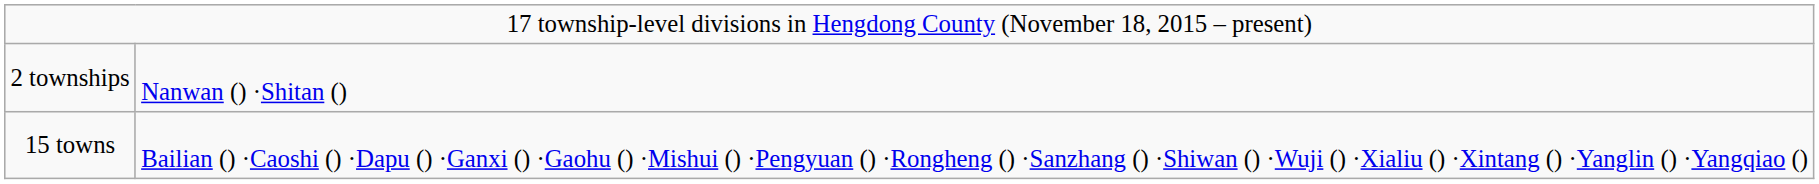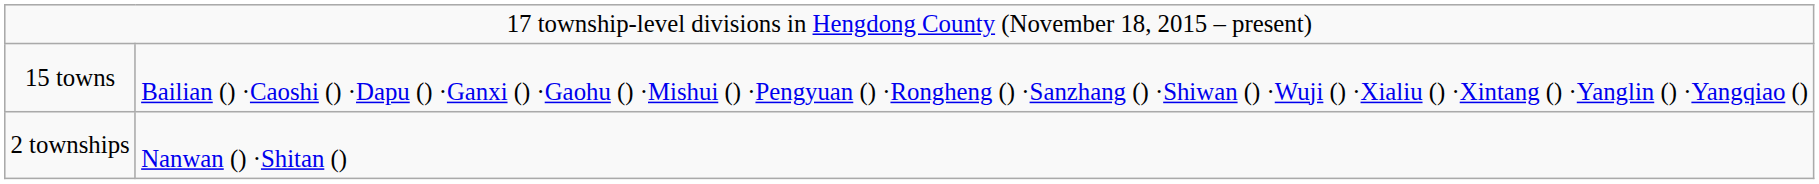 <table class="wikitable">
 <tr>
 <td style="text-align:center;" colspan="2">17 township-level divisions in <a href='#'>Hengdong County</a> (November 18, 2015 – present)</td>
 </tr>
 <tr align=left>
+<td align=center>15 towns</td>
+<td><br><a href='#'>Bailian</a> () ·<a href='#'>Caoshi</a> () ·<a href='#'>Dapu</a> () ·<a href='#'>Ganxi</a> () ·<a href='#'>Gaohu</a> () ·<a href='#'>Mishui</a> () ·<a href='#'>Pengyuan</a> () ·<a href='#'>Rongheng</a> () ·<a href='#'>Sanzhang</a> () ·<a href='#'>Shiwan</a> () ·<a href='#'>Wuji</a> () ·<a href='#'>Xialiu</a> () ·<a href='#'>Xintang</a> () ·<a href='#'>Yanglin</a> () ·<a href='#'>Yangqiao</a> ()</td>
+</tr>
+<tr align=left>
 <td align=center>2 townships</td>
 <td><br><a href='#'>Nanwan</a> () ·<a href='#'>Shitan</a> ()</td>
 </tr>
-<tr align=left>
-<td align=center>15 towns</td>
-<td><br><a href='#'>Bailian</a> () ·<a href='#'>Caoshi</a> () ·<a href='#'>Dapu</a> () ·<a href='#'>Ganxi</a> () ·<a href='#'>Gaohu</a> () ·<a href='#'>Mishui</a> () ·<a href='#'>Pengyuan</a> () ·<a href='#'>Rongheng</a> () ·<a href='#'>Sanzhang</a> () ·<a href='#'>Shiwan</a> () ·<a href='#'>Wuji</a> () ·<a href='#'>Xialiu</a> () ·<a href='#'>Xintang</a> () ·<a href='#'>Yanglin</a> () ·<a href='#'>Yangqiao</a> ()</td>
-</tr>
 </table>
